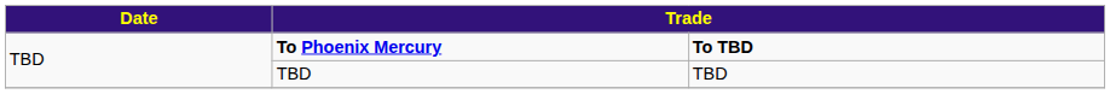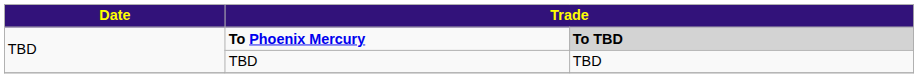 <table class="wikitable" style="width:80%">
 <tr>
 <th style="background:#32127A;color:#FFFF00; width=125">Date</th>
 <th style="background:#32127A;color:#FFFF00;" colspan=2>Trade</th>
 </tr>
 <tr>
 <td rowspan=2>TBD</td>
 <td width=375><strong>To <a href='#'>Phoenix Mercury</a></strong></td>
-<td width=375><strong>To TBD</strong></td>
+<td width=375 style="background: lightgrey;"><strong>To TBD</strong></td>
 </tr>
 <tr>
 <td>TBD</td>
 <td>TBD</td>
 </tr>
 <tr>
 </tr>
 </table>
